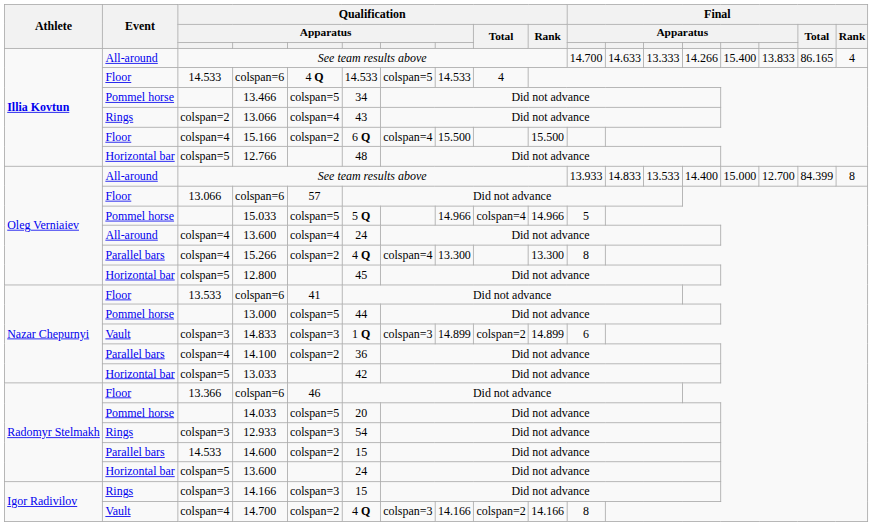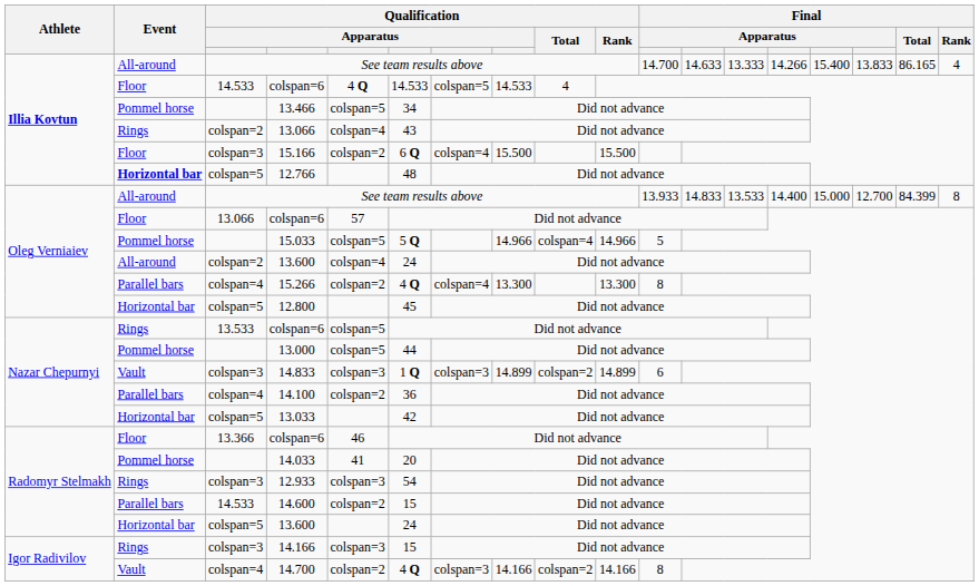 <table class=wikitable style=font-size:90%;text-align:center>
 <tr>
 <th rowspan=3>Athlete</th>
 <th rowspan=3>Event</th>
 <th colspan=8>Qualification</th>
 <th colspan=8>Final</th>
 </tr>
 <tr style=font-size:95%>
 <th colspan=6>Apparatus</th>
 <th rowspan=2>Total</th>
 <th rowspan=2>Rank</th>
 <th colspan=6>Apparatus</th>
 <th rowspan=2>Total</th>
 <th rowspan=2>Rank</th>
 </tr>
 <tr style=font-size:95%>
 <th></th>
 <th></th>
 <th></th>
 <th></th>
 <th></th>
 <th></th>
 <th></th>
 <th></th>
 <th></th>
 <th></th>
 <th></th>
 <th></th>
 </tr>
 <tr>
 <td align=left rowspan=6><strong><a href='#'>Illia Kovtun</a></strong></td>
 <td align=left><a href='#'>All-around</a></td>
 <td colspan=8><em>See team results above</em></td>
 <td>14.700</td>
 <td>14.633</td>
 <td>13.333</td>
 <td>14.266</td>
 <td>15.400</td>
 <td>13.833</td>
 <td>86.165</td>
 <td>4</td>
 </tr>
 <tr>
 <td align=left><a href='#'>Floor</a></td>
 <td>14.533</td>
 <td>colspan=6 </td>
 <td>4 <strong>Q</strong></td>
 <td>14.533</td>
 <td>colspan=5 </td>
 <td>14.533</td>
 <td>4</td>
 </tr>
 <tr>
 <td align=left><a href='#'>Pommel horse</a></td>
 <td></td>
 <td>13.466</td>
 <td>colspan=5 </td>
 <td>34</td>
 <td colspan=8>Did not advance</td>
 </tr>
 <tr>
 <td align=left><a href='#'>Rings</a></td>
 <td>colspan=2 </td>
 <td>13.066</td>
 <td>colspan=4 </td>
 <td>43</td>
 <td colspan=8>Did not advance</td>
 </tr>
 <tr>
 <td align=left><a href='#'>Floor</a></td>
-<td>colspan=4 </td>
+<td>colspan=3 </td>
 <td>15.166</td>
 <td>colspan=2 </td>
 <td>6 <strong>Q</strong></td>
 <td>colspan=4 </td>
 <td>15.500</td>
 <td></td>
 <td>15.500</td>
 <td></td>
 </tr>
 <tr>
-<td align=left><a href='#'>Horizontal bar</a></td>
+<td align=left><strong><a href='#'>Horizontal bar</a></strong></td>
 <td>colspan=5 </td>
 <td>12.766</td>
 <td></td>
 <td>48</td>
 <td colspan=8>Did not advance</td>
 </tr>
 <tr>
 <td align=left rowspan=6><a href='#'>Oleg Verniaiev</a></td>
 <td align=left><a href='#'>All-around</a></td>
 <td colspan=8><em>See team results above</em></td>
 <td>13.933</td>
 <td>14.833</td>
 <td>13.533</td>
 <td>14.400</td>
 <td>15.000</td>
 <td>12.700</td>
 <td>84.399</td>
 <td>8</td>
 </tr>
 <tr>
 <td align=left><a href='#'>Floor</a></td>
 <td>13.066</td>
 <td>colspan=6 </td>
 <td>57</td>
 <td colspan=8>Did not advance</td>
 </tr>
 <tr>
 <td align=left><a href='#'>Pommel horse</a></td>
 <td></td>
 <td>15.033</td>
 <td>colspan=5 </td>
 <td>5 <strong>Q</strong></td>
 <td></td>
 <td>14.966</td>
 <td>colspan=4 </td>
 <td>14.966</td>
 <td>5</td>
 </tr>
 <tr>
 <td align=left><a href='#'>All-around</a></td>
-<td>colspan=4 </td>
+<td>colspan=2 </td>
 <td>13.600</td>
 <td>colspan=4 </td>
 <td>24</td>
 <td colspan=8>Did not advance</td>
 </tr>
 <tr>
 <td align=left><a href='#'>Parallel bars</a></td>
 <td>colspan=4 </td>
 <td>15.266</td>
 <td>colspan=2 </td>
 <td>4 <strong>Q</strong></td>
 <td>colspan=4 </td>
 <td>13.300</td>
 <td></td>
 <td>13.300</td>
 <td>8</td>
 </tr>
 <tr>
 <td align=left><a href='#'>Horizontal bar</a></td>
 <td>colspan=5 </td>
 <td>12.800</td>
 <td></td>
 <td>45</td>
 <td colspan=8>Did not advance</td>
 </tr>
 <tr>
 <td align=left rowspan=5><a href='#'>Nazar Chepurnyi</a></td>
-<td align=left><a href='#'>Floor</a></td>
+<td align=left><a href='#'>Rings</a></td>
 <td>13.533</td>
 <td>colspan=6 </td>
-<td>41</td>
+<td>colspan=5 </td>
 <td colspan=8>Did not advance</td>
 </tr>
 <tr>
 <td align=left><a href='#'>Pommel horse</a></td>
 <td></td>
 <td>13.000</td>
 <td>colspan=5 </td>
 <td>44</td>
 <td colspan=8>Did not advance</td>
 </tr>
 <tr>
 <td align=left><a href='#'>Vault</a></td>
 <td>colspan=3 </td>
 <td>14.833</td>
 <td>colspan=3 </td>
 <td>1 <strong>Q</strong></td>
 <td>colspan=3 </td>
 <td>14.899</td>
 <td>colspan=2 </td>
 <td>14.899</td>
 <td>6</td>
 </tr>
 <tr>
 <td align=left><a href='#'>Parallel bars</a></td>
 <td>colspan=4 </td>
 <td>14.100</td>
 <td>colspan=2 </td>
 <td>36</td>
 <td colspan=8>Did not advance</td>
 </tr>
 <tr>
 <td align=left><a href='#'>Horizontal bar</a></td>
 <td>colspan=5 </td>
 <td>13.033</td>
 <td></td>
 <td>42</td>
 <td colspan=8>Did not advance</td>
 </tr>
 <tr>
 <td align=left rowspan=5><a href='#'>Radomyr Stelmakh</a></td>
 <td align=left><a href='#'>Floor</a></td>
 <td>13.366</td>
 <td>colspan=6 </td>
 <td>46</td>
 <td colspan=8>Did not advance</td>
 </tr>
 <tr>
 <td align=left><a href='#'>Pommel horse</a></td>
 <td></td>
 <td>14.033</td>
-<td>colspan=5 </td>
+<td>41</td>
 <td>20</td>
 <td colspan=8>Did not advance</td>
 </tr>
 <tr>
 <td align=left><a href='#'>Rings</a></td>
 <td>colspan=3 </td>
 <td>12.933</td>
 <td>colspan=3 </td>
 <td>54</td>
 <td colspan=8>Did not advance</td>
 </tr>
 <tr>
 <td align=left><a href='#'>Parallel bars</a></td>
 <td>14.533</td>
 <td>14.600</td>
 <td>colspan=2 </td>
 <td>15</td>
 <td colspan=8>Did not advance</td>
 </tr>
 <tr>
 <td align=left><a href='#'>Horizontal bar</a></td>
 <td>colspan=5 </td>
 <td>13.600</td>
 <td></td>
 <td>24</td>
 <td colspan=8>Did not advance</td>
 </tr>
 <tr>
 <td align=left rowspan=2><a href='#'>Igor Radivilov</a></td>
 <td align=left><a href='#'>Rings</a></td>
 <td>colspan=3 </td>
 <td>14.166</td>
 <td>colspan=3 </td>
 <td>15</td>
 <td colspan=8>Did not advance</td>
 </tr>
 <tr>
 <td align=left><a href='#'>Vault</a></td>
 <td>colspan=4 </td>
 <td>14.700</td>
 <td>colspan=2 </td>
 <td>4 <strong>Q</strong></td>
 <td>colspan=3 </td>
 <td>14.166</td>
 <td>colspan=2 </td>
 <td>14.166</td>
 <td>8</td>
 </tr>
 </table>
